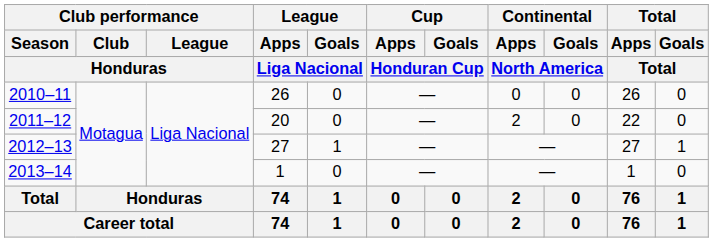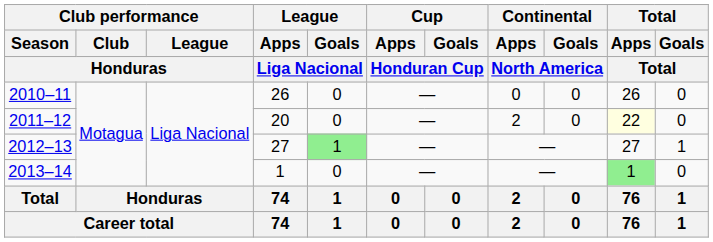 <table class="wikitable">
 <tr>
 <th colspan="3">Club performance</th>
 <th colspan="2">League</th>
 <th colspan="2">Cup</th>
 <th colspan="2">Continental</th>
 <th colspan="2">Total</th>
 </tr>
 <tr>
 <th>Season</th>
 <th>Club</th>
 <th>League</th>
 <th>Apps</th>
 <th>Goals</th>
 <th>Apps</th>
 <th>Goals</th>
 <th>Apps</th>
 <th>Goals</th>
 <th>Apps</th>
 <th>Goals</th>
 </tr>
 <tr>
 <th colspan="3">Honduras</th>
 <th colspan="2"><a href='#'>Liga Nacional</a></th>
 <th colspan="2"><a href='#'>Honduran Cup</a></th>
 <th colspan="2"><a href='#'>North America</a></th>
 <th colspan="2">Total</th>
 </tr>
 <tr align="center">
 <td><a href='#'>2010–11</a></td>
 <td rowspan="4"><a href='#'>Motagua</a></td>
 <td rowspan="4"><a href='#'>Liga Nacional</a></td>
 <td>26</td>
 <td>0</td>
 <td colspan="2">—</td>
 <td>0</td>
 <td>0</td>
 <td>26</td>
 <td>0</td>
 </tr>
 <tr align="center">
 <td><a href='#'>2011–12</a></td>
 <td>20</td>
 <td>0</td>
 <td colspan="2">—</td>
 <td>2</td>
 <td>0</td>
-<td>22</td>
+<td style="background: lightyellow;">22</td>
 <td>0</td>
 </tr>
 <tr align="center">
 <td><a href='#'>2012–13</a></td>
 <td>27</td>
-<td>1</td>
+<td style="background: lightgreen;">1</td>
 <td colspan="2">—</td>
 <td colspan="2">—</td>
 <td>27</td>
 <td>1</td>
 </tr>
 <tr align="center">
 <td><a href='#'>2013–14</a></td>
 <td>1</td>
 <td>0</td>
 <td colspan="2">—</td>
 <td colspan="2">—</td>
-<td>1</td>
+<td style="background: lightgreen;">1</td>
 <td>0</td>
 </tr>
 <tr>
 <th>Total</th>
 <th colspan="2">Honduras</th>
 <th>74</th>
 <th>1</th>
 <th>0</th>
 <th>0</th>
 <th>2</th>
 <th>0</th>
 <th>76</th>
 <th>1</th>
 </tr>
 <tr>
 <th colspan="3">Career total</th>
 <th>74</th>
 <th>1</th>
 <th>0</th>
 <th>0</th>
 <th>2</th>
 <th>0</th>
 <th>76</th>
 <th>1</th>
 </tr>
 </table>
